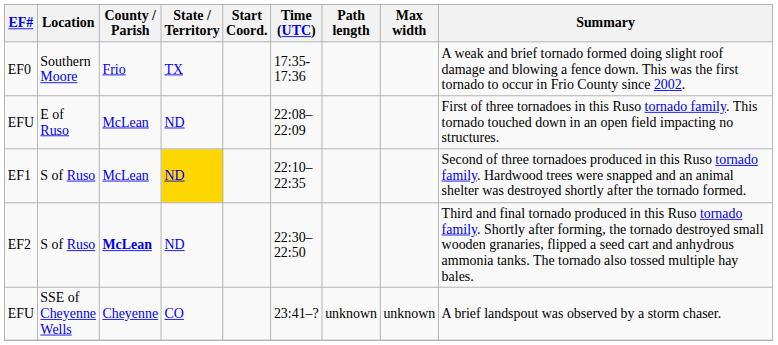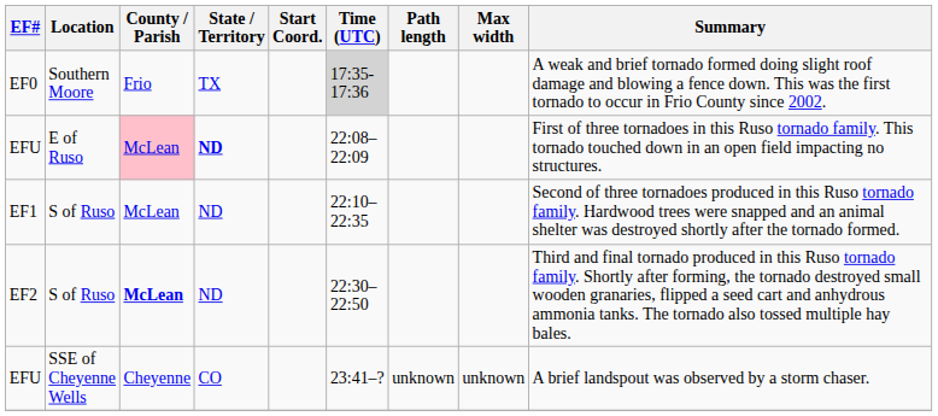 <table class="wikitable sortable" style="width:100%;">
 <tr>
 <th scope="col"  style="width:3%; text-align:center;"><a href='#'>EF#</a></th>
 <th scope="col"  style="width:7%; text-align:center;" class="unsortable">Location</th>
 <th scope="col"  style="width:6%; text-align:center;" class="unsortable">County / Parish</th>
 <th scope="col"  style="width:5%; text-align:center;">State / Territory</th>
 <th scope="col"  style="width:6%; text-align:center;">Start Coord.</th>
 <th scope="col"  style="width:6%; text-align:center;">Time (<a href='#'>UTC</a>)</th>
 <th scope="col"  style="width:6%; text-align:center;">Path length</th>
 <th scope="col"  style="width:6%; text-align:center;">Max width</th>
 <th scope="col" class="unsortable" style="width:48%; text-align:center;">Summary</th>
 </tr>
 <tr>
 <td>EF0</td>
 <td>Southern <a href='#'>Moore</a></td>
 <td><a href='#'>Frio</a></td>
 <td><a href='#'>TX</a></td>
 <td></td>
-<td>17:35-17:36</td>
+<td style="background: lightgrey;">17:35-17:36</td>
 <td></td>
 <td></td>
 <td>A weak and brief tornado formed doing slight roof damage and blowing a fence down. This was the first tornado to occur in Frio County since <a href='#'>2002</a>.</td>
 </tr>
 <tr>
 <td>EFU</td>
 <td>E of <a href='#'>Ruso</a></td>
-<td><a href='#'>McLean</a></td>
-<td><a href='#'>ND</a></td>
+<td style="background: pink;"><a href='#'>McLean</a></td>
+<td><strong><a href='#'>ND</a></strong></td>
 <td></td>
 <td>22:08–22:09</td>
 <td></td>
 <td></td>
 <td>First of three tornadoes in this Ruso <a href='#'>tornado family</a>. This tornado touched down in an open field impacting no structures.</td>
 </tr>
 <tr>
 <td>EF1</td>
 <td>S of <a href='#'>Ruso</a></td>
 <td><a href='#'>McLean</a></td>
-<td style="background: gold;"><a href='#'>ND</a></td>
+<td><a href='#'>ND</a></td>
 <td></td>
 <td>22:10–22:35</td>
 <td></td>
 <td></td>
 <td>Second of three tornadoes produced in this Ruso <a href='#'>tornado family</a>. Hardwood trees were snapped and an animal shelter was destroyed shortly after the tornado formed.</td>
 </tr>
 <tr>
 <td>EF2</td>
 <td>S of <a href='#'>Ruso</a></td>
 <td><strong><a href='#'>McLean</a></strong></td>
 <td><a href='#'>ND</a></td>
 <td></td>
 <td>22:30–22:50</td>
 <td></td>
 <td></td>
 <td>Third and final tornado produced in this Ruso <a href='#'>tornado family</a>. Shortly after forming, the tornado destroyed small wooden granaries, flipped a seed cart and anhydrous ammonia tanks. The tornado also tossed multiple hay bales.</td>
 </tr>
 <tr>
 <td>EFU</td>
 <td>SSE of <a href='#'>Cheyenne Wells</a></td>
 <td><a href='#'>Cheyenne</a></td>
 <td><a href='#'>CO</a></td>
 <td></td>
 <td>23:41–?</td>
 <td>unknown</td>
 <td>unknown</td>
 <td>A brief landspout was observed by a storm chaser.</td>
 </tr>
 <tr>
 </tr>
 </table>
